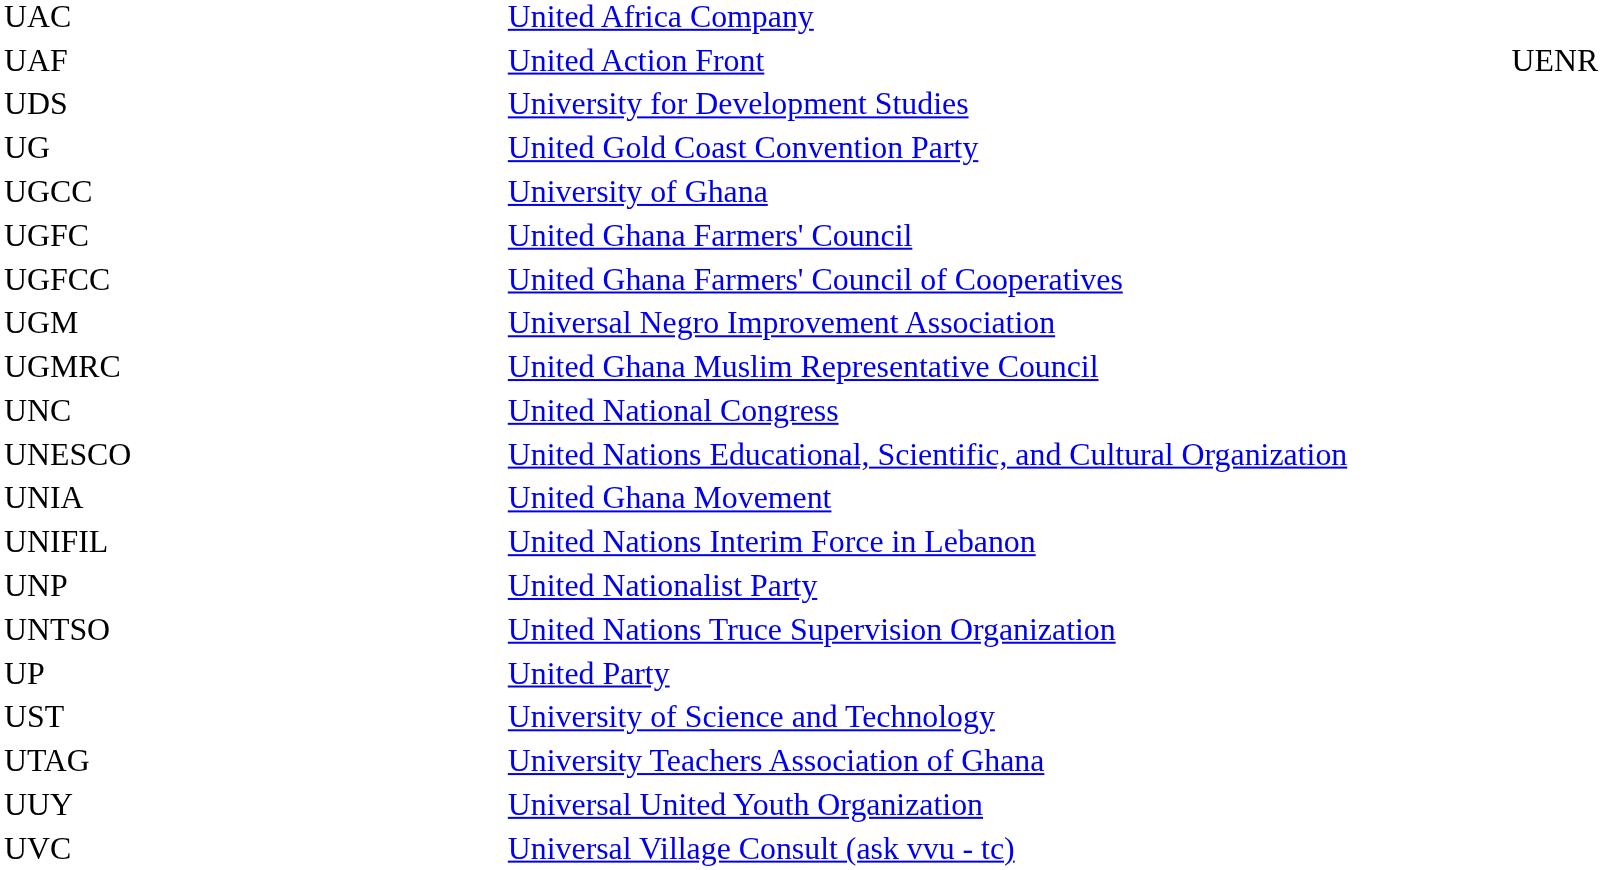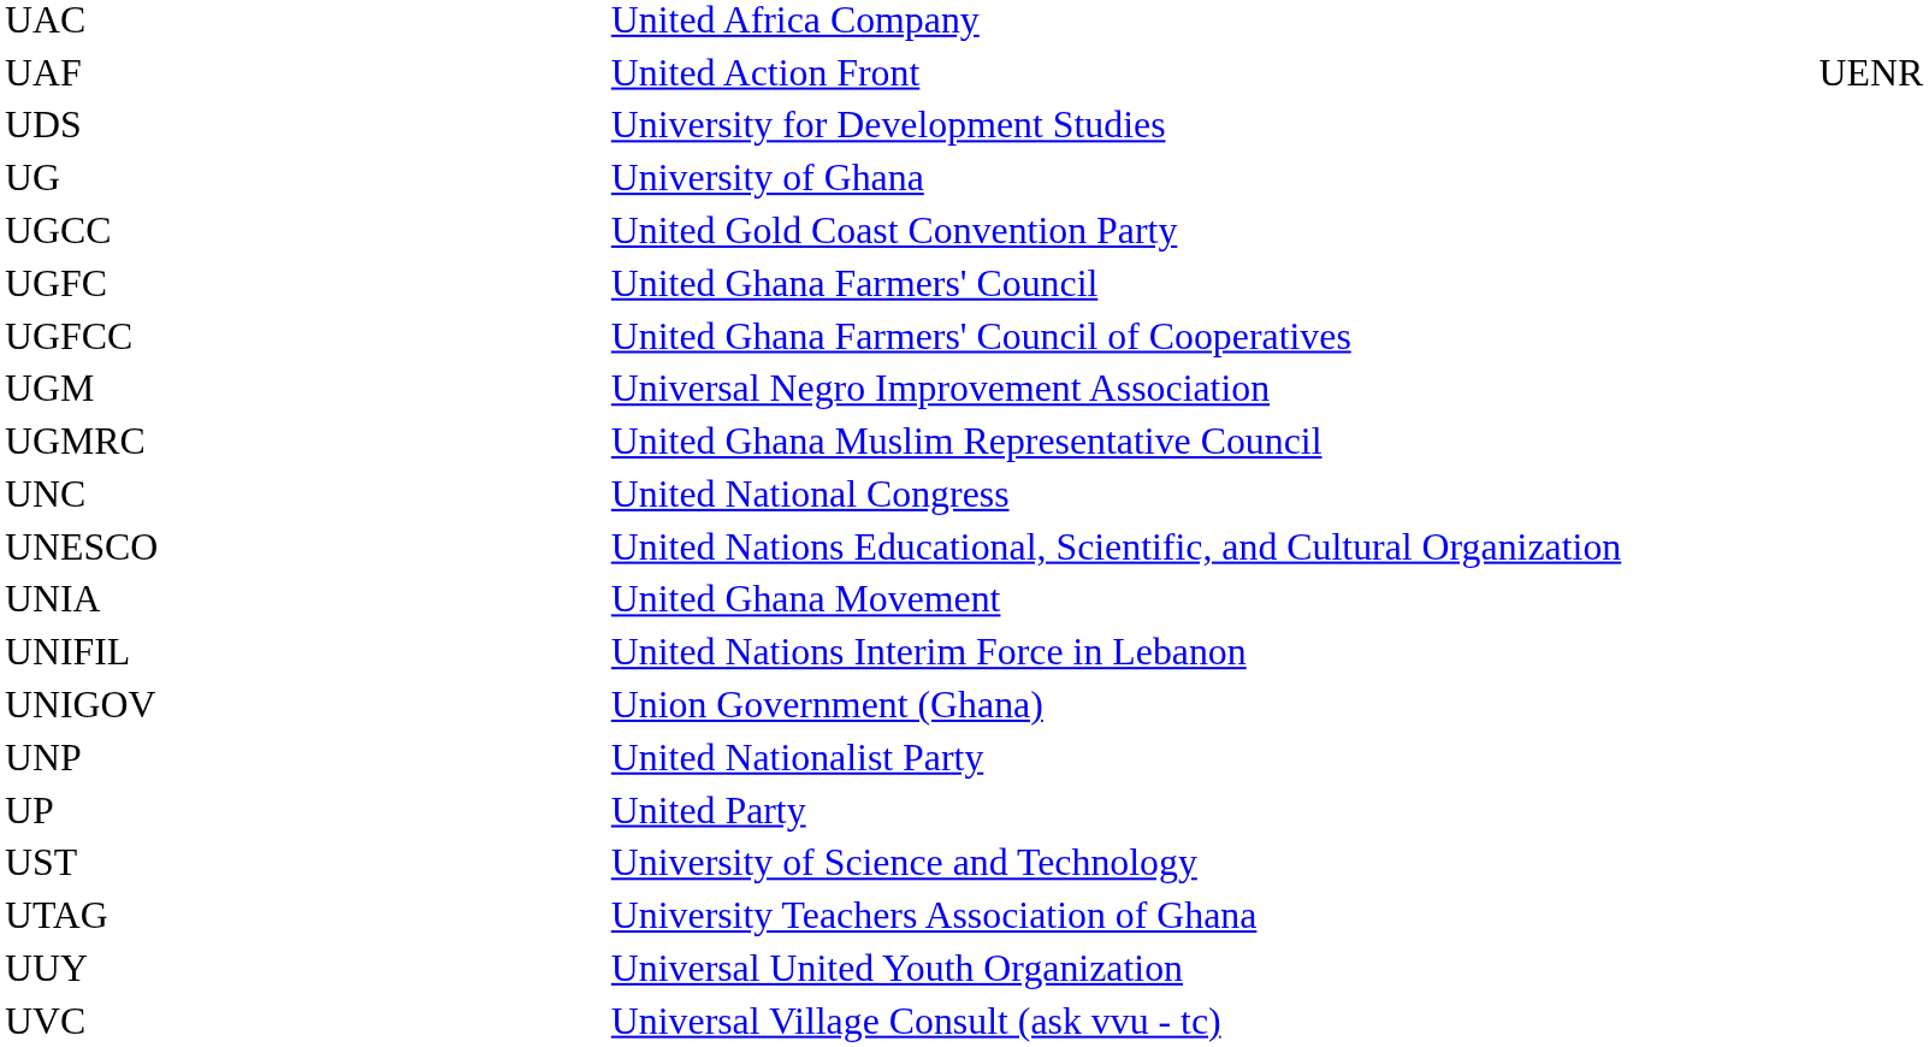 <table width="100%" style="text-verticalalign:top">
 <tr>
 <td width="20%">UAC</td>
 <td width="40%"><a href='#'>United Africa Company</a></td>
 <td width="40%"></td>
 </tr>
 <tr>
 <td>UAF</td>
 <td><a href='#'>United Action Front</a></td>
 <td>UENR</td>
 </tr>
 <tr UNIVERSITY OF ENERGY AND NATURAL RESOURCES>
 <td>UDS</td>
 <td><a href='#'>University for Development Studies</a></td>
 <td></td>
 </tr>
 <tr>
 <td>UG</td>
-<td><a href='#'>United Gold Coast Convention Party</a></td>
+<td><a href='#'>University of Ghana</a></td>
 <td></td>
 </tr>
 <tr>
 <td>UGCC</td>
-<td><a href='#'>University of Ghana</a></td>
+<td><a href='#'>United Gold Coast Convention Party</a></td>
 <td></td>
 </tr>
 <tr>
 <td>UGFC</td>
 <td><a href='#'>United Ghana Farmers' Council</a></td>
 <td></td>
 </tr>
 <tr>
 <td>UGFCC</td>
 <td><a href='#'>United Ghana Farmers' Council of Cooperatives</a></td>
 <td></td>
 </tr>
 <tr>
 <td>UGM</td>
 <td><a href='#'>Universal Negro Improvement Association</a></td>
 <td></td>
 </tr>
 <tr>
 <td>UGMRC</td>
 <td><a href='#'>United Ghana Muslim Representative Council</a></td>
 <td></td>
 </tr>
 <tr>
 <td>UNC</td>
 <td><a href='#'>United National Congress</a></td>
 <td></td>
 </tr>
 <tr>
 <td>UNESCO</td>
 <td><a href='#'>United Nations Educational, Scientific, and Cultural Organization</a></td>
 <td></td>
 </tr>
 <tr>
 <td>UNIA</td>
 <td><a href='#'>United Ghana Movement</a></td>
 <td></td>
 </tr>
 <tr>
 <td>UNIFIL</td>
 <td><a href='#'>United Nations Interim Force in Lebanon</a></td>
 <td></td>
 </tr>
 <tr>
-<td>UNP</td>
-<td><a href='#'>United Nationalist Party</a></td>
+<td>UNIGOV</td>
+<td><a href='#'>Union Government (Ghana)</a></td>
 <td></td>
 </tr>
 <tr>
-<td>UNTSO</td>
-<td><a href='#'>United Nations Truce Supervision Organization</a></td>
+<td>UNP</td>
+<td><a href='#'>United Nationalist Party</a></td>
 <td></td>
 </tr>
 <tr>
 <td>UP</td>
 <td><a href='#'>United Party</a></td>
 <td></td>
 </tr>
 <tr>
 <td>UST</td>
 <td><a href='#'>University of Science and Technology</a></td>
 <td></td>
 </tr>
 <tr>
 <td>UTAG</td>
 <td><a href='#'>University Teachers Association of Ghana</a></td>
 <td></td>
 </tr>
 <tr>
 <td>UUY</td>
 <td><a href='#'>Universal United Youth Organization</a></td>
 </tr>
 <tr>
 <td>UVC</td>
 <td><a href='#'>Universal Village Consult (ask vvu - tc)</a></td>
 </tr>
 <tr>
 </tr>
 </table>
